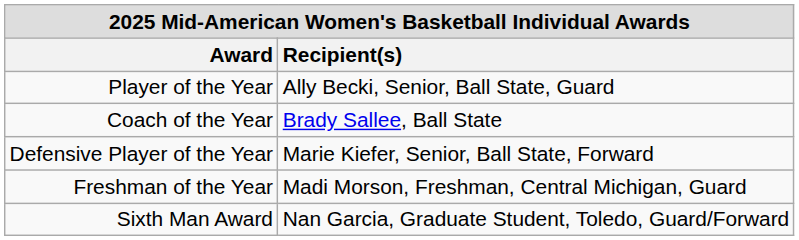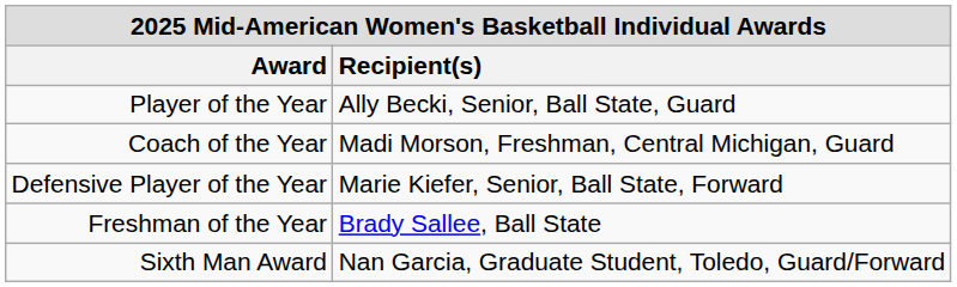 <table class="wikitable" style="white-space:nowrap; font-size:90%;">
 <tr>
 <td colspan="7" style="text-align:center; background:#ddd;"><strong>2025 Mid-American Women's Basketball Individual Awards</strong></td>
 </tr>
 <tr>
 <th style="text-align:right;">Award</th>
 <th style="text-align:left;">Recipient(s)</th>
 </tr>
 <tr>
 <td style="text-align:right;">Player of the Year</td>
 <td style="text-align:left;">Ally Becki, Senior, Ball State, Guard</td>
 </tr>
 <tr>
 <td style="text-align:right;">Coach of the Year</td>
-<td style="text-align:left;"><a href='#'>Brady Sallee</a>, Ball State</td>
+<td style="text-align:left;">Madi Morson, Freshman, Central Michigan, Guard</td>
 </tr>
 <tr>
 <td style="text-align:right;">Defensive Player of the Year</td>
 <td style="text-align:left;">Marie Kiefer, Senior, Ball State, Forward</td>
 </tr>
 <tr>
 <td style="text-align:right">Freshman of the Year</td>
-<td style="text-align:left;">Madi Morson, Freshman, Central Michigan, Guard</td>
+<td style="text-align:left;"><a href='#'>Brady Sallee</a>, Ball State</td>
 </tr>
 <tr>
 <td style="text-align:right;">Sixth Man Award</td>
 <td style="text-align:left;">Nan Garcia, Graduate Student, Toledo, Guard/Forward</td>
 </tr>
 </table>
